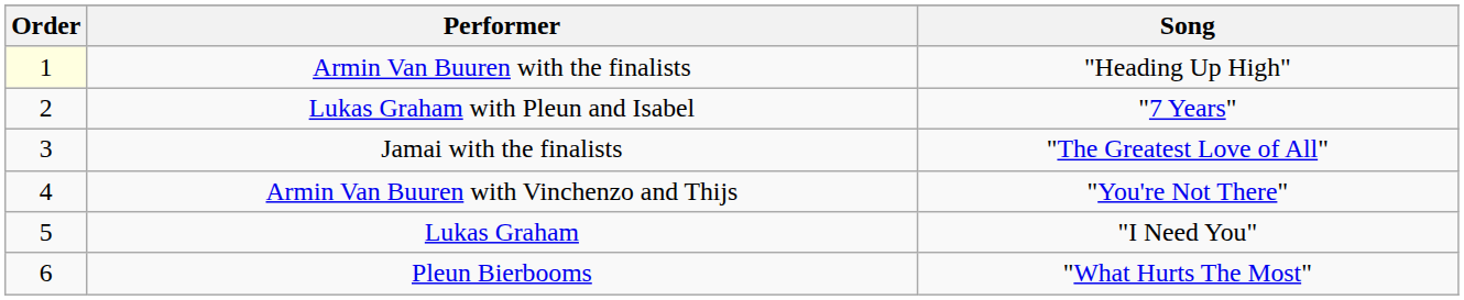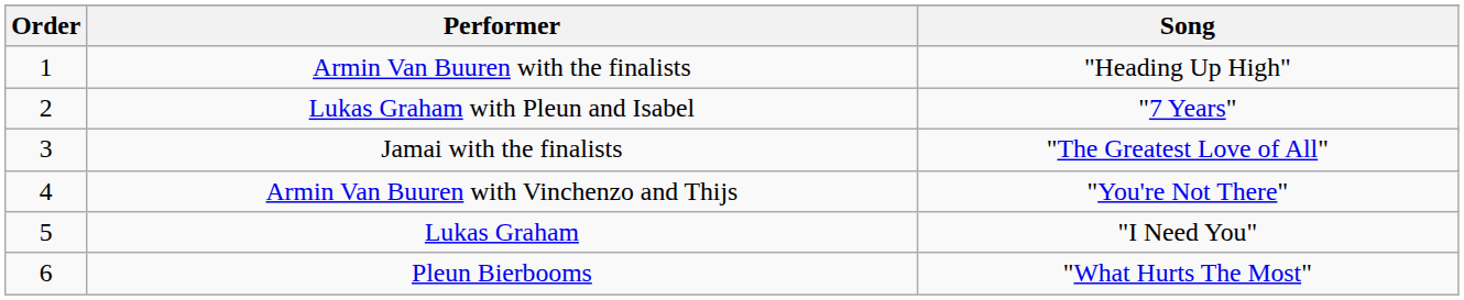 <table class="wikitable" style="text-align:center; width:45%;">
 <tr>
 </tr>
 <tr>
 <th style="width:01%;">Order</th>
 <th style="width:60%;">Performer</th>
 <th style="width:50%;">Song</th>
 </tr>
 <tr>
-<td style="background: lightyellow;">1</td>
+<td>1</td>
 <td><a href='#'>Armin Van Buuren</a> with the finalists</td>
 <td>"Heading Up High"</td>
 </tr>
 <tr>
 <td>2</td>
 <td><a href='#'>Lukas Graham</a> with Pleun and Isabel</td>
 <td>"<a href='#'>7 Years</a>"</td>
 </tr>
 <tr>
 <td>3</td>
 <td>Jamai with the finalists</td>
 <td>"<a href='#'>The Greatest Love of All</a>"</td>
 </tr>
 <tr>
 <td>4</td>
 <td><a href='#'>Armin Van Buuren</a> with Vinchenzo and Thijs</td>
 <td>"<a href='#'>You're Not There</a>"</td>
 </tr>
 <tr>
 <td>5</td>
 <td><a href='#'>Lukas Graham</a></td>
 <td>"I Need You"</td>
 </tr>
 <tr>
 <td>6</td>
 <td><a href='#'>Pleun Bierbooms</a></td>
 <td>"<a href='#'>What Hurts The Most</a>"</td>
 </tr>
 </table>
